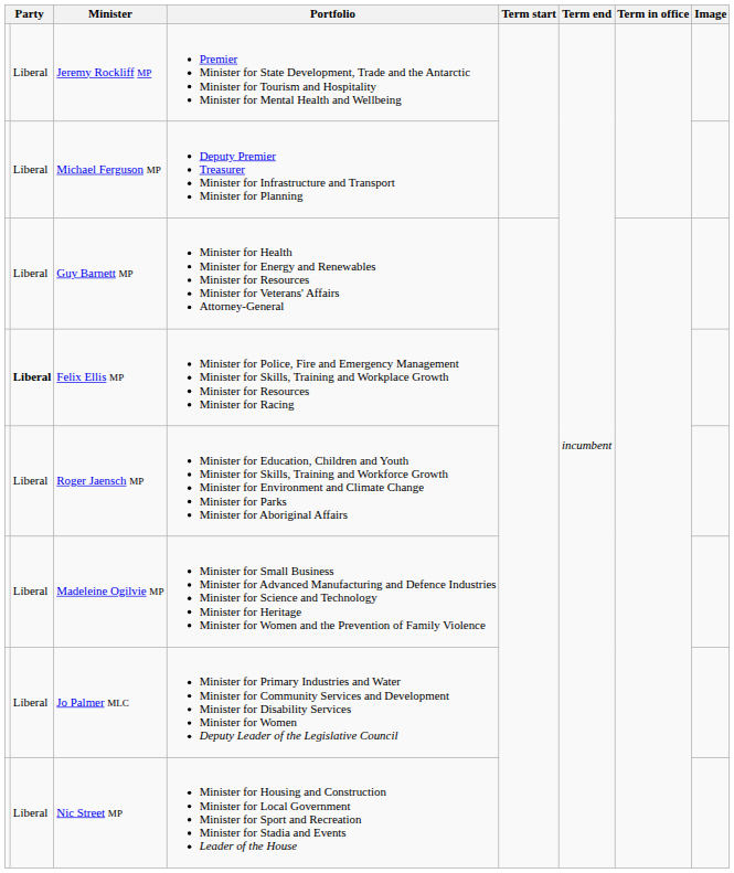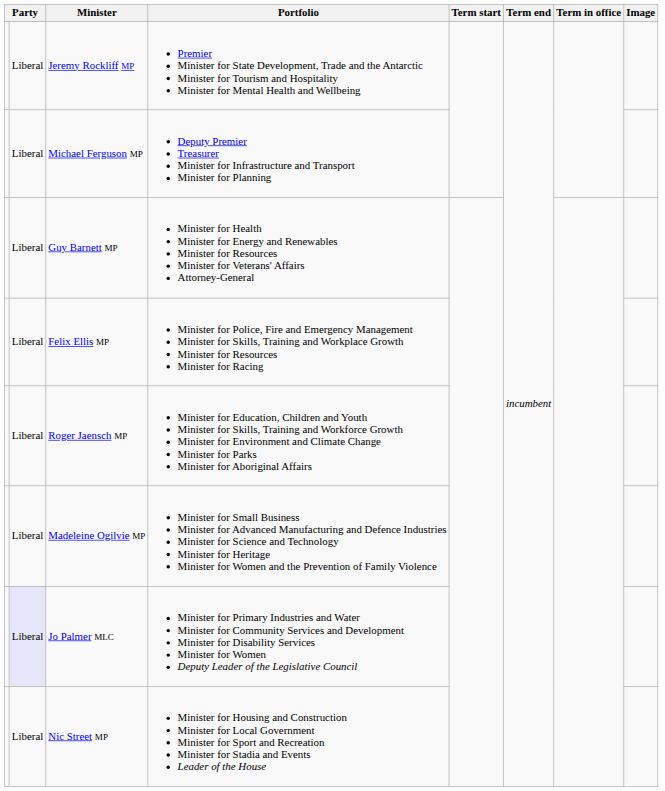 <table class="wikitable sortable">
 <tr>
 <th colspan=2>Party</th>
 <th>Minister</th>
 <th>Portfolio</th>
 <th>Term start</th>
 <th>Term end</th>
 <th>Term in office</th>
 <th>Image</th>
 </tr>
 <tr>
 <td style="background:"></td>
 <td>Liberal</td>
 <td><a href='#'>Jeremy Rockliff</a> <small><a href='#'>MP</a></small></td>
 <td><br><ul><li><a href='#'>Premier</a></li><li>Minister for State Development, Trade and the Antarctic</li><li>Minister for Tourism and Hospitality</li><li>Minister for Mental Health and Wellbeing</li></ul></td>
 <td rowspan="2" align="center"></td>
 <td rowspan="15" align="center"><em>incumbent</em></td>
 <td rowspan="2" align="center"></td>
 <td></td>
 </tr>
 <tr>
 <td style="background:"></td>
 <td>Liberal</td>
 <td><a href='#'>Michael Ferguson</a> <small>MP</small></td>
 <td><br><ul><li><a href='#'>Deputy Premier</a></li><li><a href='#'>Treasurer</a></li><li>Minister for Infrastructure and Transport</li><li>Minister for Planning</li></ul></td>
 <td></td>
 </tr>
 <tr>
 <td style="background:"></td>
 <td>Liberal</td>
 <td><a href='#'>Guy Barnett</a> <small>MP</small></td>
 <td><br><ul><li>Minister for Health</li><li>Minister for Energy and Renewables</li><li>Minister for Resources</li><li>Minister for Veterans' Affairs</li><li>Attorney-General</li></ul></td>
 <td rowspan="13"></td>
 <td rowspan="13"></td>
 <td></td>
 </tr>
 <tr>
 <td style="background:"></td>
-<td><strong>Liberal</strong></td>
+<td>Liberal</td>
 <td><a href='#'>Felix Ellis</a> <small>MP</small></td>
 <td><br><ul><li>Minister for Police, Fire and Emergency Management</li><li>Minister for Skills, Training and Workplace Growth</li><li>Minister for Resources</li><li>Minister for Racing</li></ul></td>
 <td></td>
 </tr>
 <tr>
 <td style="background:"></td>
 <td>Liberal</td>
 <td><a href='#'>Roger Jaensch</a> <small>MP</small></td>
 <td><br><ul><li>Minister for Education, Children and Youth</li><li>Minister for Skills, Training and Workforce Growth</li><li>Minister for Environment and Climate Change</li><li>Minister for Parks</li><li>Minister for Aboriginal Affairs</li></ul></td>
 <td></td>
 </tr>
 <tr>
 <td style="background:"></td>
 <td>Liberal</td>
 <td><a href='#'>Madeleine Ogilvie</a> <small>MP</small></td>
 <td><br><ul><li>Minister for Small Business</li><li>Minister for Advanced Manufacturing and Defence Industries</li><li>Minister for Science and Technology</li><li>Minister for Heritage</li><li>Minister for Women and the Prevention of Family Violence</li></ul></td>
 <td></td>
 </tr>
 <tr>
 <td style="background:"></td>
-<td>Liberal</td>
+<td style="background: lavender;">Liberal</td>
 <td><a href='#'>Jo Palmer</a> <small>MLC</small></td>
 <td><br><ul><li>Minister for Primary Industries and Water</li><li>Minister for Community Services and Development</li><li>Minister for Disability Services</li><li>Minister for Women</li><li><em>Deputy Leader of the Legislative Council</em></li></ul></td>
 <td></td>
 </tr>
 <tr>
 <td style="background:"></td>
 <td>Liberal</td>
 <td><a href='#'>Nic Street</a> <small>MP</small></td>
 <td><br><ul><li>Minister for Housing and Construction</li><li>Minister for Local Government</li><li>Minister for Sport and Recreation</li><li>Minister for Stadia and Events</li><li><em>Leader of the House</em></li></ul></td>
 <td></td>
 </tr>
 </table>
